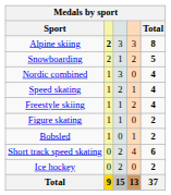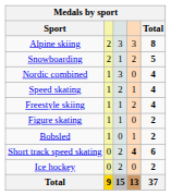 <table class=wikitable style=font-size:85%;float:right;text-align:center>
 <tr>
 <th colspan=5>Medals by sport</th>
 </tr>
 <tr>
 <th>Sport</th>
 <td bgcolor=F7F6A8></td>
 <td bgcolor=DCE5E5></td>
 <td bgcolor=FFDAB9></td>
 <th>Total</th>
 </tr>
 <tr>
 <td><a href='#'>Alpine skiing</a></td>
-<td bgcolor=F7F6A8><strong>2</strong></td>
+<td bgcolor=F7F6A8>2</td>
 <td bgcolor=DCE5E5>3</td>
 <td bgcolor=FFDAB9>3</td>
 <td><strong>8</strong></td>
 </tr>
 <tr>
 <td><a href='#'>Snowboarding</a></td>
 <td bgcolor=F7F6A8>2</td>
 <td bgcolor=DCE5E5>1</td>
 <td bgcolor=FFDAB9>2</td>
 <td><strong>5</strong></td>
 </tr>
 <tr>
 <td><a href='#'>Nordic combined</a></td>
 <td bgcolor=F7F6A8>1</td>
 <td bgcolor=DCE5E5>3</td>
 <td bgcolor=FFDAB9>0</td>
 <td><strong>4</strong></td>
 </tr>
 <tr>
 <td><a href='#'>Speed skating</a></td>
 <td bgcolor=F7F6A8>1</td>
 <td bgcolor=DCE5E5>2</td>
 <td bgcolor=FFDAB9>1</td>
 <td><strong>4</strong></td>
 </tr>
 <tr>
 <td><a href='#'>Freestyle skiing</a></td>
 <td bgcolor=F7F6A8>1</td>
 <td bgcolor=DCE5E5>1</td>
 <td bgcolor=FFDAB9>2</td>
 <td><strong>4</strong></td>
 </tr>
 <tr>
 <td><a href='#'>Figure skating</a></td>
 <td bgcolor=F7F6A8>1</td>
 <td bgcolor=DCE5E5>1</td>
 <td bgcolor=FFDAB9>0</td>
 <td><strong>2</strong></td>
 </tr>
 <tr>
 <td><a href='#'>Bobsled</a></td>
 <td bgcolor=F7F6A8>1</td>
 <td bgcolor=DCE5E5>0</td>
 <td bgcolor=FFDAB9>1</td>
 <td><strong>2</strong></td>
 </tr>
 <tr>
 <td><a href='#'>Short track speed skating</a></td>
 <td bgcolor=F7F6A8>0</td>
 <td bgcolor=DCE5E5>2</td>
-<td bgcolor=FFDAB9>4</td>
+<td bgcolor=FFDAB9><strong>4</strong></td>
 <td><strong>6</strong></td>
 </tr>
 <tr>
 <td><a href='#'>Ice hockey</a></td>
 <td bgcolor=F7F6A8>0</td>
 <td bgcolor=DCE5E5>2</td>
 <td bgcolor=FFDAB9>0</td>
 <td><strong>2</strong></td>
 </tr>
 <tr>
 <th>Total</th>
 <th style=background:gold>9</th>
 <th style=background:silver>15</th>
 <th style=background:#c96>13</th>
 <th>37</th>
 </tr>
 </table>
